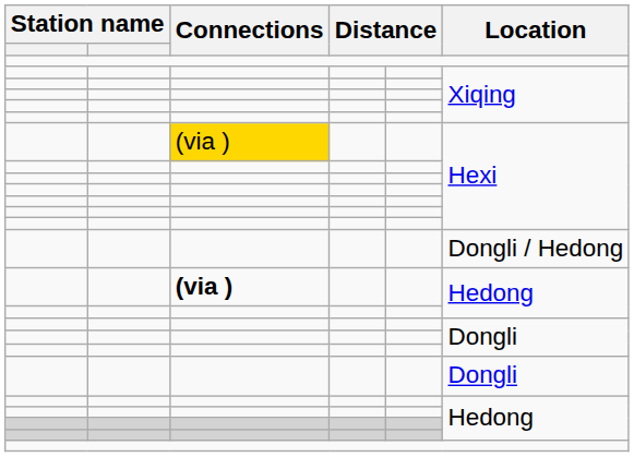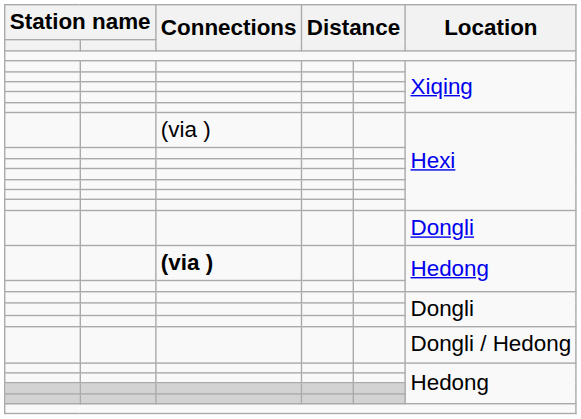 <table class="wikitable">
 <tr>
 <th colspan="2">Station name</th>
 <th rowspan="2">Connections</th>
 <th colspan="2" rowspan="2">Distance<br></th>
 <th rowspan="2">Location</th>
 </tr>
 <tr>
 <th></th>
 <th></th>
 </tr>
 <tr style="background:#">
 <td colspan="7"></td>
 </tr>
 <tr>
 <td></td>
 <td></td>
 <td></td>
 <td></td>
 <td></td>
 <td rowspan="5"><a href='#'>Xiqing</a></td>
 </tr>
 <tr>
 <td></td>
 <td></td>
 <td></td>
 <td></td>
 <td></td>
 </tr>
 <tr>
 <td></td>
 <td></td>
 <td></td>
 <td></td>
 <td></td>
 </tr>
 <tr>
 <td></td>
 <td></td>
 <td></td>
 <td></td>
 <td></td>
 </tr>
 <tr>
 <td></td>
 <td></td>
 <td></td>
 <td></td>
 <td></td>
 </tr>
 <tr>
 <td></td>
 <td></td>
-<td style="background: gold;"> (via )</td>
+<td> (via )</td>
 <td></td>
 <td></td>
 <td rowspan="7"><a href='#'>Hexi</a></td>
 </tr>
 <tr>
 <td></td>
 <td></td>
 <td></td>
 <td></td>
 <td></td>
 </tr>
 <tr>
 <td></td>
 <td></td>
 <td></td>
 <td></td>
 <td></td>
 </tr>
 <tr>
 <td></td>
 <td></td>
 <td></td>
 <td></td>
 <td></td>
 </tr>
 <tr>
 <td></td>
 <td></td>
 <td></td>
 <td></td>
 <td></td>
 </tr>
 <tr>
 <td></td>
 <td></td>
 <td></td>
 <td></td>
 <td></td>
 </tr>
 <tr>
 <td></td>
 <td></td>
 <td></td>
 <td></td>
 <td></td>
 </tr>
 <tr>
 <td></td>
 <td></td>
 <td></td>
 <td></td>
 <td></td>
-<td>Dongli / Hedong</td>
+<td><a href='#'>Dongli</a></td>
 </tr>
 <tr>
 <td></td>
 <td></td>
 <td><strong> (via )</strong></td>
 <td></td>
 <td></td>
 <td rowspan="2"><a href='#'>Hedong</a></td>
 </tr>
 <tr>
 <td></td>
 <td></td>
 <td></td>
 <td></td>
 <td></td>
 </tr>
 <tr>
 <td></td>
 <td></td>
 <td></td>
 <td></td>
 <td></td>
 <td rowspan="3">Dongli</td>
 </tr>
 <tr>
 <td></td>
 <td></td>
 <td></td>
 <td></td>
 <td></td>
 </tr>
 <tr>
 <td></td>
 <td></td>
 <td></td>
 <td></td>
 <td></td>
 </tr>
 <tr>
 <td></td>
 <td></td>
 <td></td>
 <td></td>
 <td></td>
-<td><a href='#'>Dongli</a></td>
+<td>Dongli / Hedong</td>
 </tr>
 <tr>
 <td></td>
 <td></td>
 <td></td>
 <td></td>
 <td></td>
 <td rowspan="4">Hedong</td>
 </tr>
 <tr>
 <td></td>
 <td></td>
 <td></td>
 <td></td>
 <td></td>
 </tr>
 <tr bgcolor="lightgrey">
 <td></td>
 <td></td>
 <td></td>
 <td></td>
 <td></td>
 </tr>
 <tr bgcolor="lightgrey">
 <td></td>
 <td></td>
 <td></td>
 <td></td>
 <td></td>
 </tr>
 <tr style="background:#">
 <td colspan="7"></td>
 </tr>
 </table>
